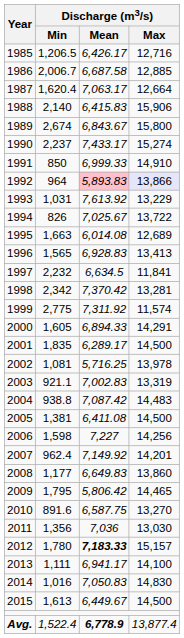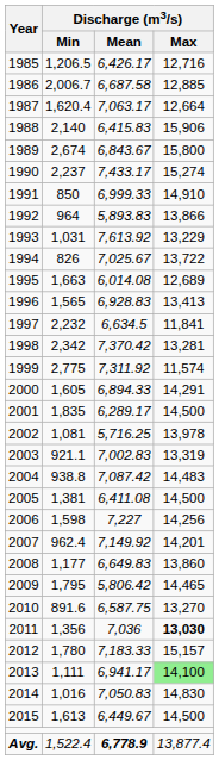 <table class="wikitable" style="text-align:center;">
 <tr>
 <th rowspan="2">Year</th>
 <th colspan="3">Discharge (m<sup>3</sup>/s)</th>
 </tr>
 <tr>
 <th>Min</th>
 <th>Mean</th>
 <th>Max</th>
 </tr>
 <tr>
 <td>1985</td>
 <td>1,206.5</td>
 <td><em>6,426.17</em></td>
 <td>12,716</td>
 </tr>
 <tr>
 <td>1986</td>
 <td>2,006.7</td>
 <td><em>6,687.58</em></td>
 <td>12,885</td>
 </tr>
 <tr>
 <td>1987</td>
 <td>1,620.4</td>
 <td><em>7,063.17</em></td>
 <td>12,664</td>
 </tr>
 <tr>
 <td>1988</td>
 <td>2,140</td>
 <td><em>6,415.83</em></td>
 <td>15,906</td>
 </tr>
 <tr>
 <td>1989</td>
 <td>2,674</td>
 <td><em>6,843.67</em></td>
 <td>15,800</td>
 </tr>
 <tr>
 <td>1990</td>
 <td>2,237</td>
 <td><em>7,433.17</em></td>
 <td>15,274</td>
 </tr>
 <tr>
 <td>1991</td>
 <td>850</td>
 <td><em>6,999.33</em></td>
 <td>14,910</td>
 </tr>
 <tr>
 <td>1992</td>
 <td>964</td>
-<td style="background: pink;"><em>5,893.83</em></td>
-<td style="background: lavender;">13,866</td>
+<td><em>5,893.83</em></td>
+<td>13,866</td>
 </tr>
 <tr>
 <td>1993</td>
 <td>1,031</td>
 <td><em>7,613.92</em></td>
 <td>13,229</td>
 </tr>
 <tr>
 <td>1994</td>
 <td>826</td>
 <td><em>7,025.67</em></td>
 <td>13,722</td>
 </tr>
 <tr>
 <td>1995</td>
 <td>1,663</td>
 <td><em>6,014.08</em></td>
 <td>12,689</td>
 </tr>
 <tr>
 <td>1996</td>
 <td>1,565</td>
 <td><em>6,928.83</em></td>
 <td>13,413</td>
 </tr>
 <tr>
 <td>1997</td>
 <td>2,232</td>
 <td><em>6,634.5</em></td>
 <td>11,841</td>
 </tr>
 <tr>
 <td>1998</td>
 <td>2,342</td>
 <td><em>7,370.42</em></td>
 <td>13,281</td>
 </tr>
 <tr>
 <td>1999</td>
 <td>2,775</td>
 <td><em>7,311.92</em></td>
 <td>11,574</td>
 </tr>
 <tr>
 <td>2000</td>
 <td>1,605</td>
 <td><em>6,894.33</em></td>
 <td>14,291</td>
 </tr>
 <tr>
 <td>2001</td>
 <td>1,835</td>
 <td><em>6,289.17</em></td>
 <td>14,500</td>
 </tr>
 <tr>
 <td>2002</td>
 <td>1,081</td>
 <td><em>5,716.25</em></td>
 <td>13,978</td>
 </tr>
 <tr>
 <td>2003</td>
 <td>921.1</td>
 <td><em>7,002.83</em></td>
 <td>13,319</td>
 </tr>
 <tr>
 <td>2004</td>
 <td>938.8</td>
 <td><em>7,087.42</em></td>
 <td>14,483</td>
 </tr>
 <tr>
 <td>2005</td>
 <td>1,381</td>
 <td><em>6,411.08</em></td>
 <td>14,500</td>
 </tr>
 <tr>
 <td>2006</td>
 <td>1,598</td>
 <td><em>7,227</em></td>
 <td>14,256</td>
 </tr>
 <tr>
 <td>2007</td>
 <td>962.4</td>
 <td><em>7,149.92</em></td>
 <td>14,201</td>
 </tr>
 <tr>
 <td>2008</td>
 <td>1,177</td>
 <td><em>6,649.83</em></td>
 <td>13,860</td>
 </tr>
 <tr>
 <td>2009</td>
 <td>1,795</td>
 <td><em>5,806.42</em></td>
 <td>14,465</td>
 </tr>
 <tr>
 <td>2010</td>
 <td>891.6</td>
 <td><em>6,587.75</em></td>
 <td>13,270</td>
 </tr>
 <tr>
 <td>2011</td>
 <td>1,356</td>
 <td><em>7,036</em></td>
-<td>13,030</td>
+<td><strong>13,030</strong></td>
 </tr>
 <tr>
 <td>2012</td>
 <td>1,780</td>
-<td><strong><em>7,183.33</em></strong></td>
+<td><em>7,183.33</em></td>
 <td>15,157</td>
 </tr>
 <tr>
 <td>2013</td>
 <td>1,111</td>
 <td><em>6,941.17</em></td>
-<td>14,100</td>
+<td style="background: lightgreen;">14,100</td>
 </tr>
 <tr>
 <td>2014</td>
 <td>1,016</td>
 <td><em>7,050.83</em></td>
 <td>14,830</td>
 </tr>
 <tr>
 <td>2015</td>
 <td>1,613</td>
 <td><em>6,449.67</em></td>
 <td>14,500</td>
 </tr>
 <tr>
 <td colspan="4"></td>
 </tr>
 <tr>
 <td><strong><em>Avg.</em></strong></td>
 <td><em>1,522.4</em></td>
 <td><strong><em>6,778.9</em></strong></td>
 <td><em>13,877.4</em></td>
 </tr>
 </table>
